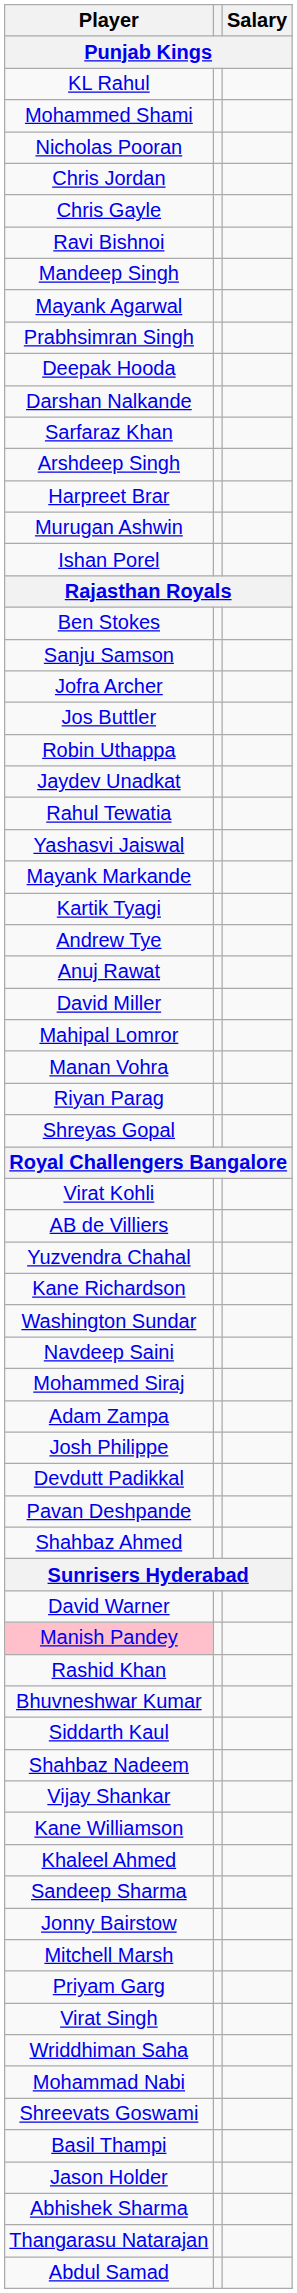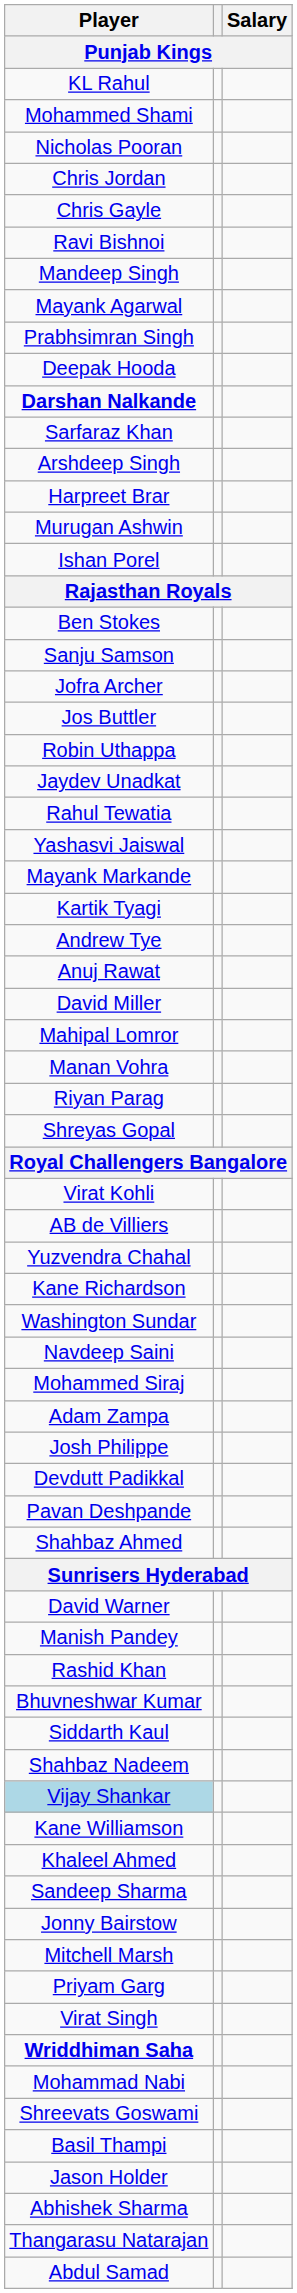 <table class="wikitable collapsible"  style="text-align:center">
 <tr>
 <th style="text-align:center;">Player</th>
 <th style="text-align:center;"></th>
 <th style="text-align:center;">Salary</th>
 </tr>
 <tr>
 <th colspan="5"><strong><a href='#'>Punjab Kings</a></strong></th>
 </tr>
 <tr>
 <td><a href='#'>KL Rahul</a></td>
 <td></td>
 <td></td>
 </tr>
 <tr>
 <td><a href='#'>Mohammed Shami</a></td>
 <td></td>
 <td></td>
 </tr>
 <tr>
 <td><a href='#'>Nicholas Pooran</a></td>
 <td></td>
 <td></td>
 </tr>
 <tr>
 <td><a href='#'>Chris Jordan</a></td>
 <td></td>
 <td></td>
 </tr>
 <tr>
 <td><a href='#'>Chris Gayle</a></td>
 <td></td>
 <td></td>
 </tr>
 <tr>
 <td><a href='#'>Ravi Bishnoi</a></td>
 <td></td>
 <td></td>
 </tr>
 <tr>
 <td><a href='#'>Mandeep Singh</a></td>
 <td></td>
 <td></td>
 </tr>
 <tr>
 <td><a href='#'>Mayank Agarwal</a></td>
 <td></td>
 <td></td>
 </tr>
 <tr>
 <td><a href='#'>Prabhsimran Singh</a></td>
 <td></td>
 <td></td>
 </tr>
 <tr>
 <td><a href='#'>Deepak Hooda</a></td>
 <td></td>
 <td></td>
 </tr>
 <tr>
-<td><a href='#'>Darshan Nalkande</a></td>
+<td><strong><a href='#'>Darshan Nalkande</a></strong></td>
 <td></td>
 <td></td>
 </tr>
 <tr>
 <td><a href='#'>Sarfaraz Khan</a></td>
 <td></td>
 <td></td>
 </tr>
 <tr>
 <td><a href='#'>Arshdeep Singh</a></td>
 <td></td>
 <td></td>
 </tr>
 <tr>
 <td><a href='#'>Harpreet Brar</a></td>
 <td></td>
 <td></td>
 </tr>
 <tr>
 <td><a href='#'>Murugan Ashwin</a></td>
 <td></td>
 <td></td>
 </tr>
 <tr>
 <td><a href='#'>Ishan Porel</a></td>
 <td></td>
 <td></td>
 </tr>
 <tr>
 <th colspan="5"><strong><a href='#'>Rajasthan Royals</a></strong></th>
 </tr>
 <tr>
 <td><a href='#'>Ben Stokes</a></td>
 <td></td>
 <td></td>
 </tr>
 <tr>
 <td><a href='#'>Sanju Samson</a></td>
 <td></td>
 <td></td>
 </tr>
 <tr>
 <td><a href='#'>Jofra Archer</a></td>
 <td></td>
 <td></td>
 </tr>
 <tr>
 <td><a href='#'>Jos Buttler</a></td>
 <td></td>
 <td></td>
 </tr>
 <tr>
 <td><a href='#'>Robin Uthappa</a></td>
 <td></td>
 <td></td>
 </tr>
 <tr>
 <td><a href='#'>Jaydev Unadkat</a></td>
 <td></td>
 <td></td>
 </tr>
 <tr>
 <td><a href='#'>Rahul Tewatia</a></td>
 <td></td>
 <td></td>
 </tr>
 <tr>
 <td><a href='#'>Yashasvi Jaiswal</a></td>
 <td></td>
 <td></td>
 </tr>
 <tr>
 <td><a href='#'>Mayank Markande</a></td>
 <td></td>
 <td></td>
 </tr>
 <tr>
 <td><a href='#'>Kartik Tyagi</a></td>
 <td></td>
 <td></td>
 </tr>
 <tr>
 <td><a href='#'>Andrew Tye</a></td>
 <td></td>
 <td></td>
 </tr>
 <tr>
 <td><a href='#'>Anuj Rawat</a></td>
 <td></td>
 <td></td>
 </tr>
 <tr>
 <td><a href='#'>David Miller</a></td>
 <td></td>
 <td></td>
 </tr>
 <tr>
 <td><a href='#'>Mahipal Lomror</a></td>
 <td></td>
 <td></td>
 </tr>
 <tr>
 <td><a href='#'>Manan Vohra</a></td>
 <td></td>
 <td></td>
 </tr>
 <tr>
 <td><a href='#'>Riyan Parag</a></td>
 <td></td>
 <td></td>
 </tr>
 <tr>
 <td><a href='#'>Shreyas Gopal</a></td>
 <td></td>
 <td></td>
 </tr>
 <tr>
 <th colspan="5"><strong><a href='#'>Royal Challengers Bangalore</a></strong></th>
 </tr>
 <tr>
 <td><a href='#'>Virat Kohli</a></td>
 <td></td>
 <td></td>
 </tr>
 <tr>
 <td><a href='#'>AB de Villiers</a></td>
 <td></td>
 <td></td>
 </tr>
 <tr>
 <td><a href='#'>Yuzvendra Chahal</a></td>
 <td></td>
 <td></td>
 </tr>
 <tr>
 <td><a href='#'>Kane Richardson</a></td>
 <td></td>
 <td></td>
 </tr>
 <tr>
 <td><a href='#'>Washington Sundar</a></td>
 <td></td>
 <td></td>
 </tr>
 <tr>
 <td><a href='#'>Navdeep Saini</a></td>
 <td></td>
 <td></td>
 </tr>
 <tr>
 <td><a href='#'>Mohammed Siraj</a></td>
 <td></td>
 <td></td>
 </tr>
 <tr>
 <td><a href='#'>Adam Zampa</a> </td>
 <td></td>
 <td></td>
 </tr>
 <tr>
 <td><a href='#'>Josh Philippe</a></td>
 <td></td>
 <td></td>
 </tr>
 <tr>
 <td><a href='#'>Devdutt Padikkal</a></td>
 <td></td>
 <td></td>
 </tr>
 <tr>
 <td><a href='#'>Pavan Deshpande</a></td>
 <td></td>
 <td></td>
 </tr>
 <tr>
 <td><a href='#'>Shahbaz Ahmed</a></td>
 <td></td>
 <td></td>
 </tr>
 <tr>
 <th colspan="5"><strong><a href='#'>Sunrisers Hyderabad</a></strong></th>
 </tr>
 <tr>
 <td><a href='#'>David Warner</a></td>
 <td></td>
 <td></td>
 </tr>
 <tr>
-<td style="background: pink;"><a href='#'>Manish Pandey</a></td>
+<td><a href='#'>Manish Pandey</a></td>
 <td></td>
 <td></td>
 </tr>
 <tr>
 <td><a href='#'>Rashid Khan</a></td>
 <td></td>
 <td></td>
 </tr>
 <tr>
 <td><a href='#'>Bhuvneshwar Kumar</a></td>
 <td></td>
 <td></td>
 </tr>
 <tr>
 <td><a href='#'>Siddarth Kaul</a></td>
 <td></td>
 <td></td>
 </tr>
 <tr>
 <td><a href='#'>Shahbaz Nadeem</a></td>
 <td></td>
 <td></td>
 </tr>
 <tr>
-<td><a href='#'>Vijay Shankar</a></td>
+<td style="background: lightblue;"><a href='#'>Vijay Shankar</a></td>
 <td></td>
 <td></td>
 </tr>
 <tr>
 <td><a href='#'>Kane Williamson</a></td>
 <td></td>
 <td></td>
 </tr>
 <tr>
 <td><a href='#'>Khaleel Ahmed</a></td>
 <td></td>
 <td></td>
 </tr>
 <tr>
 <td><a href='#'>Sandeep Sharma</a></td>
 <td></td>
 <td></td>
 </tr>
 <tr>
 <td><a href='#'>Jonny Bairstow</a></td>
 <td></td>
 <td></td>
 </tr>
 <tr>
 <td><a href='#'>Mitchell Marsh</a></td>
 <td></td>
 <td></td>
 </tr>
 <tr>
 <td><a href='#'>Priyam Garg</a></td>
 <td></td>
 <td></td>
 </tr>
 <tr>
 <td><a href='#'>Virat Singh</a></td>
 <td></td>
 <td></td>
 </tr>
 <tr>
-<td><a href='#'>Wriddhiman Saha</a></td>
+<td><strong><a href='#'>Wriddhiman Saha</a></strong></td>
 <td></td>
 <td></td>
 </tr>
 <tr>
 <td><a href='#'>Mohammad Nabi</a></td>
 <td></td>
 <td></td>
 </tr>
 <tr>
 <td><a href='#'>Shreevats Goswami</a></td>
 <td></td>
 <td></td>
 </tr>
 <tr>
 <td><a href='#'>Basil Thampi</a></td>
 <td></td>
 <td></td>
 </tr>
 <tr>
 <td><a href='#'>Jason Holder</a> </td>
 <td></td>
 <td></td>
 </tr>
 <tr>
 <td><a href='#'>Abhishek Sharma</a></td>
 <td></td>
 <td></td>
 </tr>
 <tr>
 <td><a href='#'>Thangarasu Natarajan</a></td>
 <td></td>
 <td></td>
 </tr>
 <tr>
 <td><a href='#'>Abdul Samad</a></td>
 <td></td>
 <td></td>
 </tr>
 </table>
